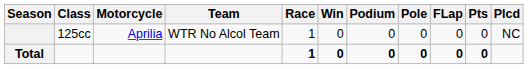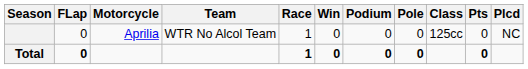 <table class="wikitable" style=text-align:right>
 <tr>
 <th>Season</th>
-<th>Class</th>
+<th>FLap</th>
 <th>Motorcycle</th>
 <th>Team</th>
 <th>Race</th>
 <th>Win</th>
 <th>Podium</th>
 <th>Pole</th>
-<th>FLap</th>
+<th>Class</th>
 <th>Pts</th>
 <th>Plcd</th>
 </tr>
 <tr>
 <th></th>
-<td>125cc</td>
+<td>0</td>
 <td><a href='#'>Aprilia</a></td>
 <td>WTR No Alcol Team</td>
 <td>1</td>
 <td>0</td>
 <td>0</td>
 <td>0</td>
-<td>0</td>
+<td>125cc</td>
 <td>0</td>
 <td>NC</td>
 </tr>
 <tr>
 <th>Total</th>
-<td></td>
+<td><strong>0</strong></td>
 <td></td>
 <td></td>
 <td><strong>1</strong></td>
 <td><strong>0</strong></td>
 <td><strong>0</strong></td>
 <td><strong>0</strong></td>
-<td><strong>0</strong></td>
+<td></td>
 <td><strong>0</strong></td>
 <td></td>
 </tr>
 </table>
